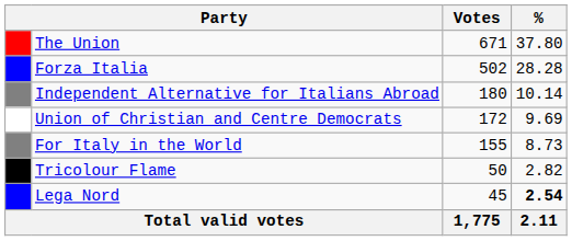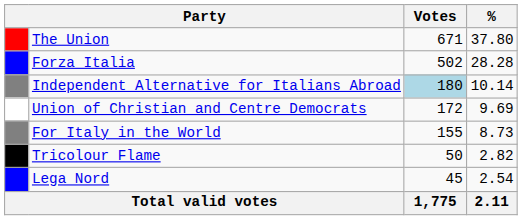 <table class="wikitable">
 <tr>
 <th colspan="2" style="width: 130px">Party</th>
 <th style="width: 50px">Votes</th>
 <th style="width: 40px">%</th>
 </tr>
 <tr>
 <td style="background-color:red">  </td>
 <td style="text-align: left"><a href='#'>The Union</a></td>
 <td style="text-align: right">671</td>
 <td style="text-align: right">37.80</td>
 </tr>
 <tr>
 <td style="background-color:blue">  </td>
 <td style="text-align: left"><a href='#'>Forza Italia</a></td>
 <td style="text-align: right">502</td>
 <td style="text-align: right">28.28</td>
 </tr>
 <tr>
 <td style="background-color:grey">  </td>
 <td style="text-align: left"><a href='#'>Independent Alternative for Italians Abroad</a></td>
-<td align="right">180</td>
+<td align="right" style="background: lightblue;">180</td>
 <td align="right">10.14</td>
 </tr>
 <tr>
 <td style="background-color:white">  </td>
 <td style="text-align: left"><a href='#'>Union of Christian and Centre Democrats</a></td>
 <td align="right">172</td>
 <td align="right">9.69</td>
 </tr>
 <tr>
 <td style="background-color:grey">  </td>
 <td style="text-align: left"><a href='#'>For Italy in the World</a></td>
 <td align="right">155</td>
 <td align="right">8.73</td>
 </tr>
 <tr>
 <td style="background-color:black">  </td>
 <td style="text-align: left"><a href='#'>Tricolour Flame</a></td>
 <td align="right">50</td>
 <td align="right">2.82</td>
 </tr>
 <tr>
 <td style="background-color:blue">  </td>
 <td style="text-align: left"><a href='#'>Lega Nord</a></td>
 <td align="right">45</td>
-<td align="right"><strong>2.54</strong></td>
+<td align="right">2.54</td>
 </tr>
 <tr bgcolor="white">
 <th align="right" colspan=2>Total valid votes</th>
 <th align="right">1,775</th>
 <th align="right">2.11</th>
 </tr>
 </table>
